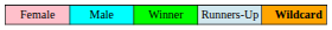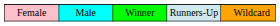 <table border="2" cellpadding="4" style="background:white; border:1px solid black; border-collapse:collapse; margin:1em auto; text-align:center;" bgcolor=>
 <tr>
 </tr>
 <tr>
 </tr>
 <tr>
 <td style="background:pink;" width="20%">Female</td>
 <td style="background:cyan;" width="20%">Male</td>
 <td style="background:lime;" width="20%">Winner</td>
 <td style="background:#D1E8EF;" width="20%">Runners-Up</td>
-<td style="background:Orange; padding-left: 1em;" width="25%"><strong>Wildcard</strong></td>
+<td style="background:Orange; padding-left: 1em;" width="25%">Wildcard</td>
 </tr>
 </table>
